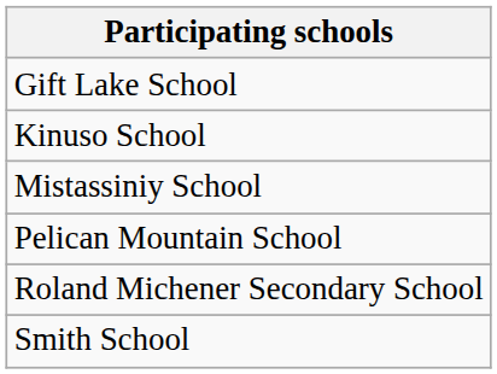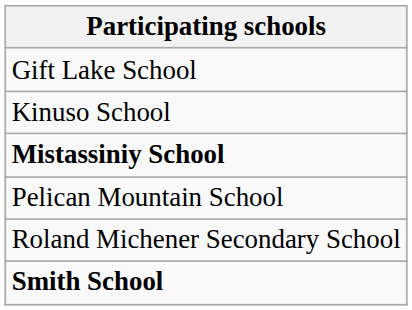 <table class="wikitable" align=right>
 <tr>
 <th>Participating schools</th>
 </tr>
 <tr>
 <td>Gift Lake School</td>
 </tr>
 <tr>
 <td>Kinuso School</td>
 </tr>
 <tr>
-<td>Mistassiniy School</td>
+<td><strong>Mistassiniy School</strong></td>
 </tr>
 <tr>
 <td>Pelican Mountain School</td>
 </tr>
 <tr>
 <td>Roland Michener Secondary School</td>
 </tr>
 <tr>
-<td>Smith School</td>
+<td><strong>Smith School</strong></td>
 </tr>
 </table>
